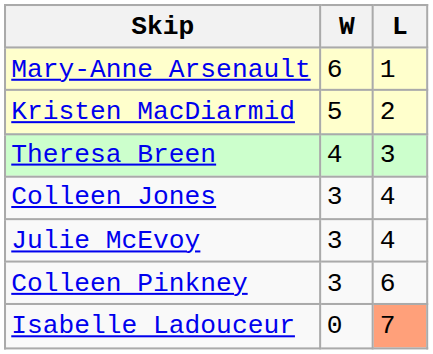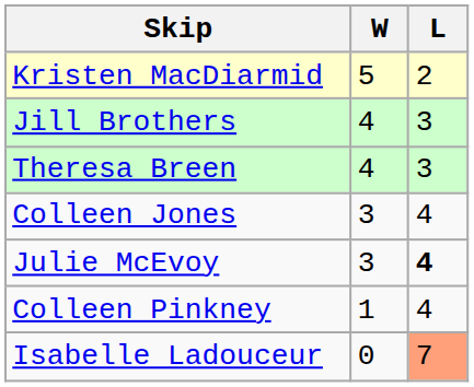 <table class=wikitable>
 <tr>
 <th width=150>Skip</th>
 <th width=20>W</th>
 <th width=20>L</th>
 </tr>
 <tr bgcolor=#ffffcc>
-<td><a href='#'>Mary-Anne Arsenault</a></td>
-<td>6</td>
-<td>1</td>
-</tr>
-<tr bgcolor=#ffffcc>
 <td><a href='#'>Kristen MacDiarmid</a></td>
 <td>5</td>
 <td>2</td>
+</tr>
+<tr style="background:#ccffcc;">
+<td><a href='#'>Jill Brothers</a></td>
+<td>4</td>
+<td>3</td>
 </tr>
 <tr style="background:#ccffcc;">
 <td><a href='#'>Theresa Breen</a></td>
 <td>4</td>
 <td>3</td>
 </tr>
 <tr>
 <td><a href='#'>Colleen Jones</a></td>
 <td>3</td>
 <td>4</td>
 </tr>
 <tr>
 <td><a href='#'>Julie McEvoy</a></td>
 <td>3</td>
-<td>4</td>
+<td><strong>4</strong></td>
 </tr>
 <tr>
 <td><a href='#'>Colleen Pinkney</a></td>
-<td>3</td>
-<td>6</td>
+<td>1</td>
+<td>4</td>
 </tr>
 <tr>
 <td><a href='#'>Isabelle Ladouceur</a></td>
 <td>0</td>
 <td style="background: lightsalmon;">7</td>
 </tr>
 </table>
